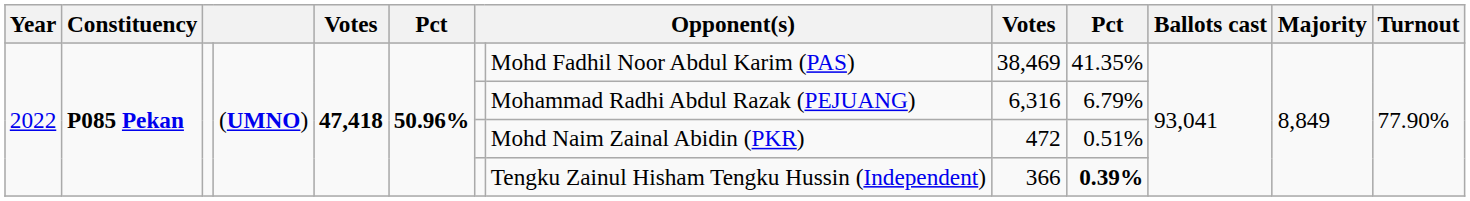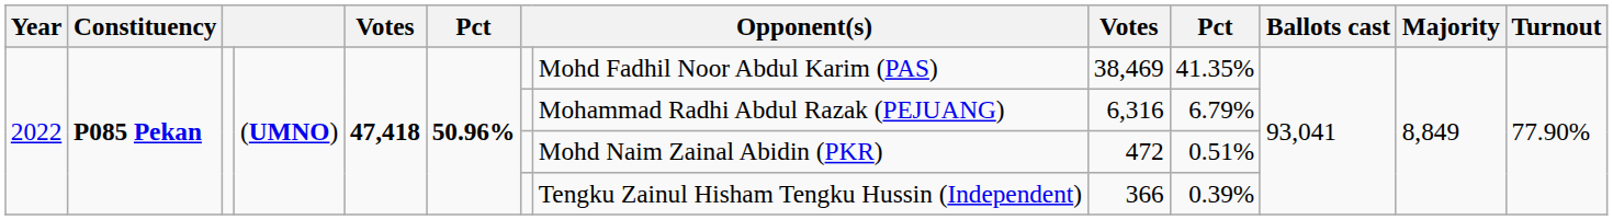 <table class="wikitable" style="margin:0.5em ; font-size:95%">
 <tr>
 <th>Year</th>
 <th>Constituency</th>
 <th colspan=2></th>
 <th>Votes</th>
 <th>Pct</th>
 <th colspan=2>Opponent(s)</th>
 <th>Votes</th>
 <th>Pct</th>
 <th>Ballots cast</th>
 <th>Majority</th>
 <th>Turnout</th>
 </tr>
 <tr>
 <td rowspan="4"><a href='#'>2022</a></td>
 <td rowspan="4"><strong>P085 <a href='#'>Pekan</a></strong></td>
 <td rowspan="4" ></td>
 <td rowspan="4"> (<a href='#'><strong>UMNO</strong></a>)</td>
 <td rowspan="4" align="right"><strong>47,418</strong></td>
 <td rowspan="4"><strong>50.96%</strong></td>
 <td bgcolor=></td>
 <td>Mohd Fadhil Noor Abdul Karim (<a href='#'>PAS</a>)</td>
 <td align="right">38,469</td>
 <td>41.35%</td>
 <td rowspan="4">93,041</td>
 <td rowspan="4">8,849</td>
 <td rowspan="4">77.90%</td>
 </tr>
 <tr>
 <td></td>
 <td>Mohammad Radhi Abdul Razak (<a href='#'>PEJUANG</a>)</td>
 <td align="right">6,316</td>
 <td align="right">6.79%</td>
 </tr>
 <tr>
 <td bgcolor=></td>
 <td>Mohd Naim Zainal Abidin (<a href='#'>PKR</a>)</td>
 <td align=right>472</td>
 <td align=right>0.51%</td>
 </tr>
 <tr>
 <td></td>
 <td>Tengku Zainul Hisham Tengku Hussin (<a href='#'>Independent</a>)</td>
 <td align=right>366</td>
-<td align=right><strong>0.39%</strong></td>
+<td align=right>0.39%</td>
 </tr>
 </table>
